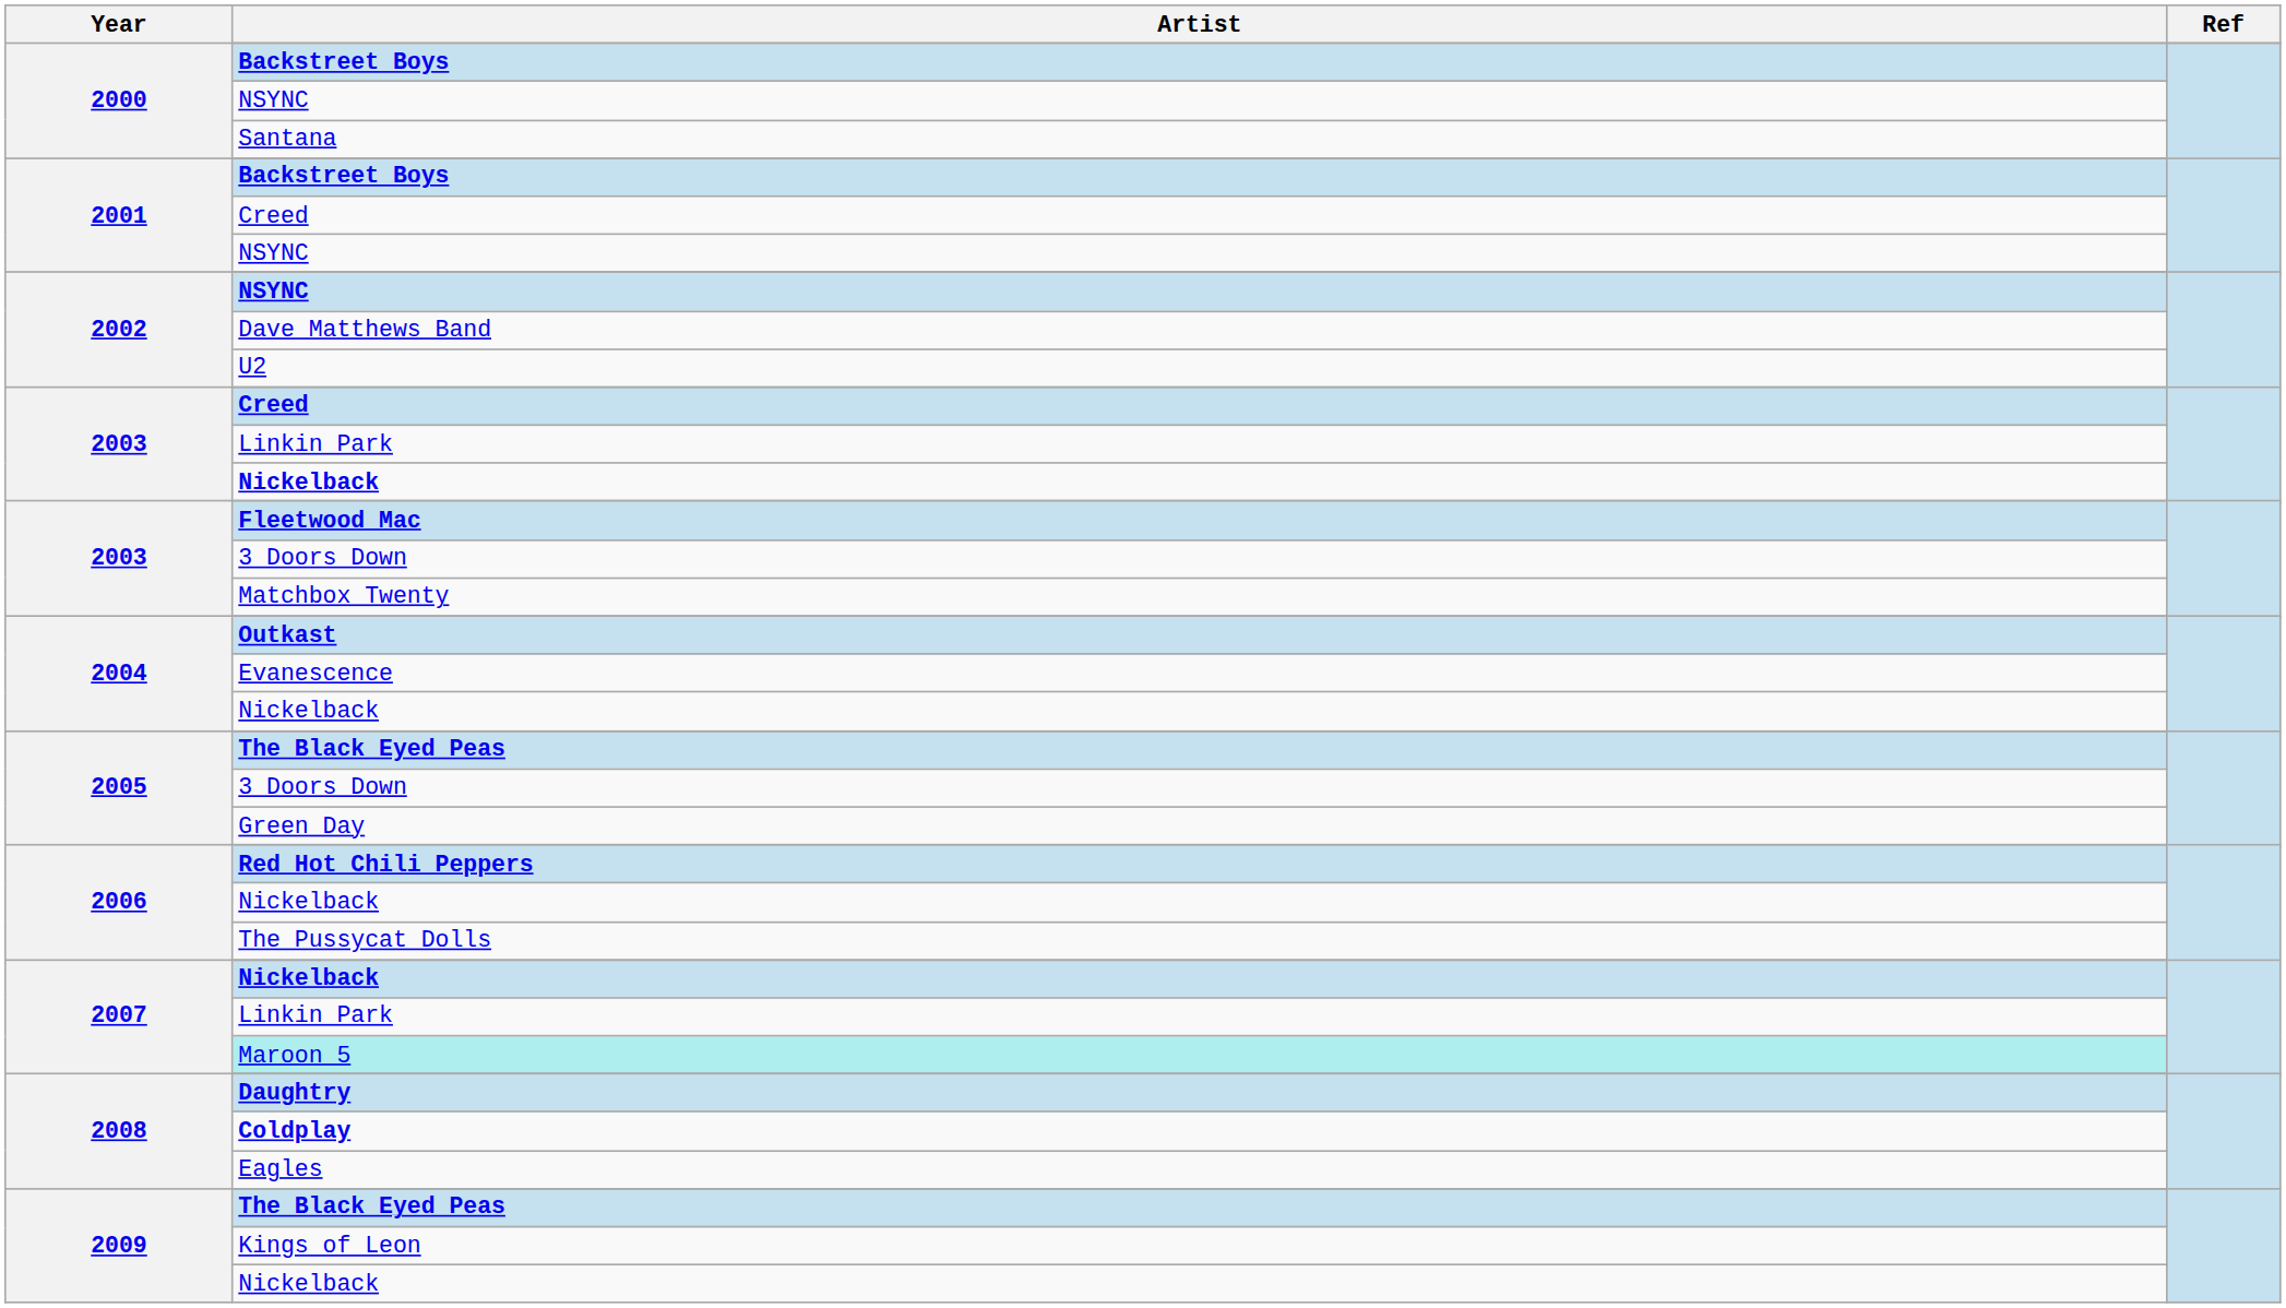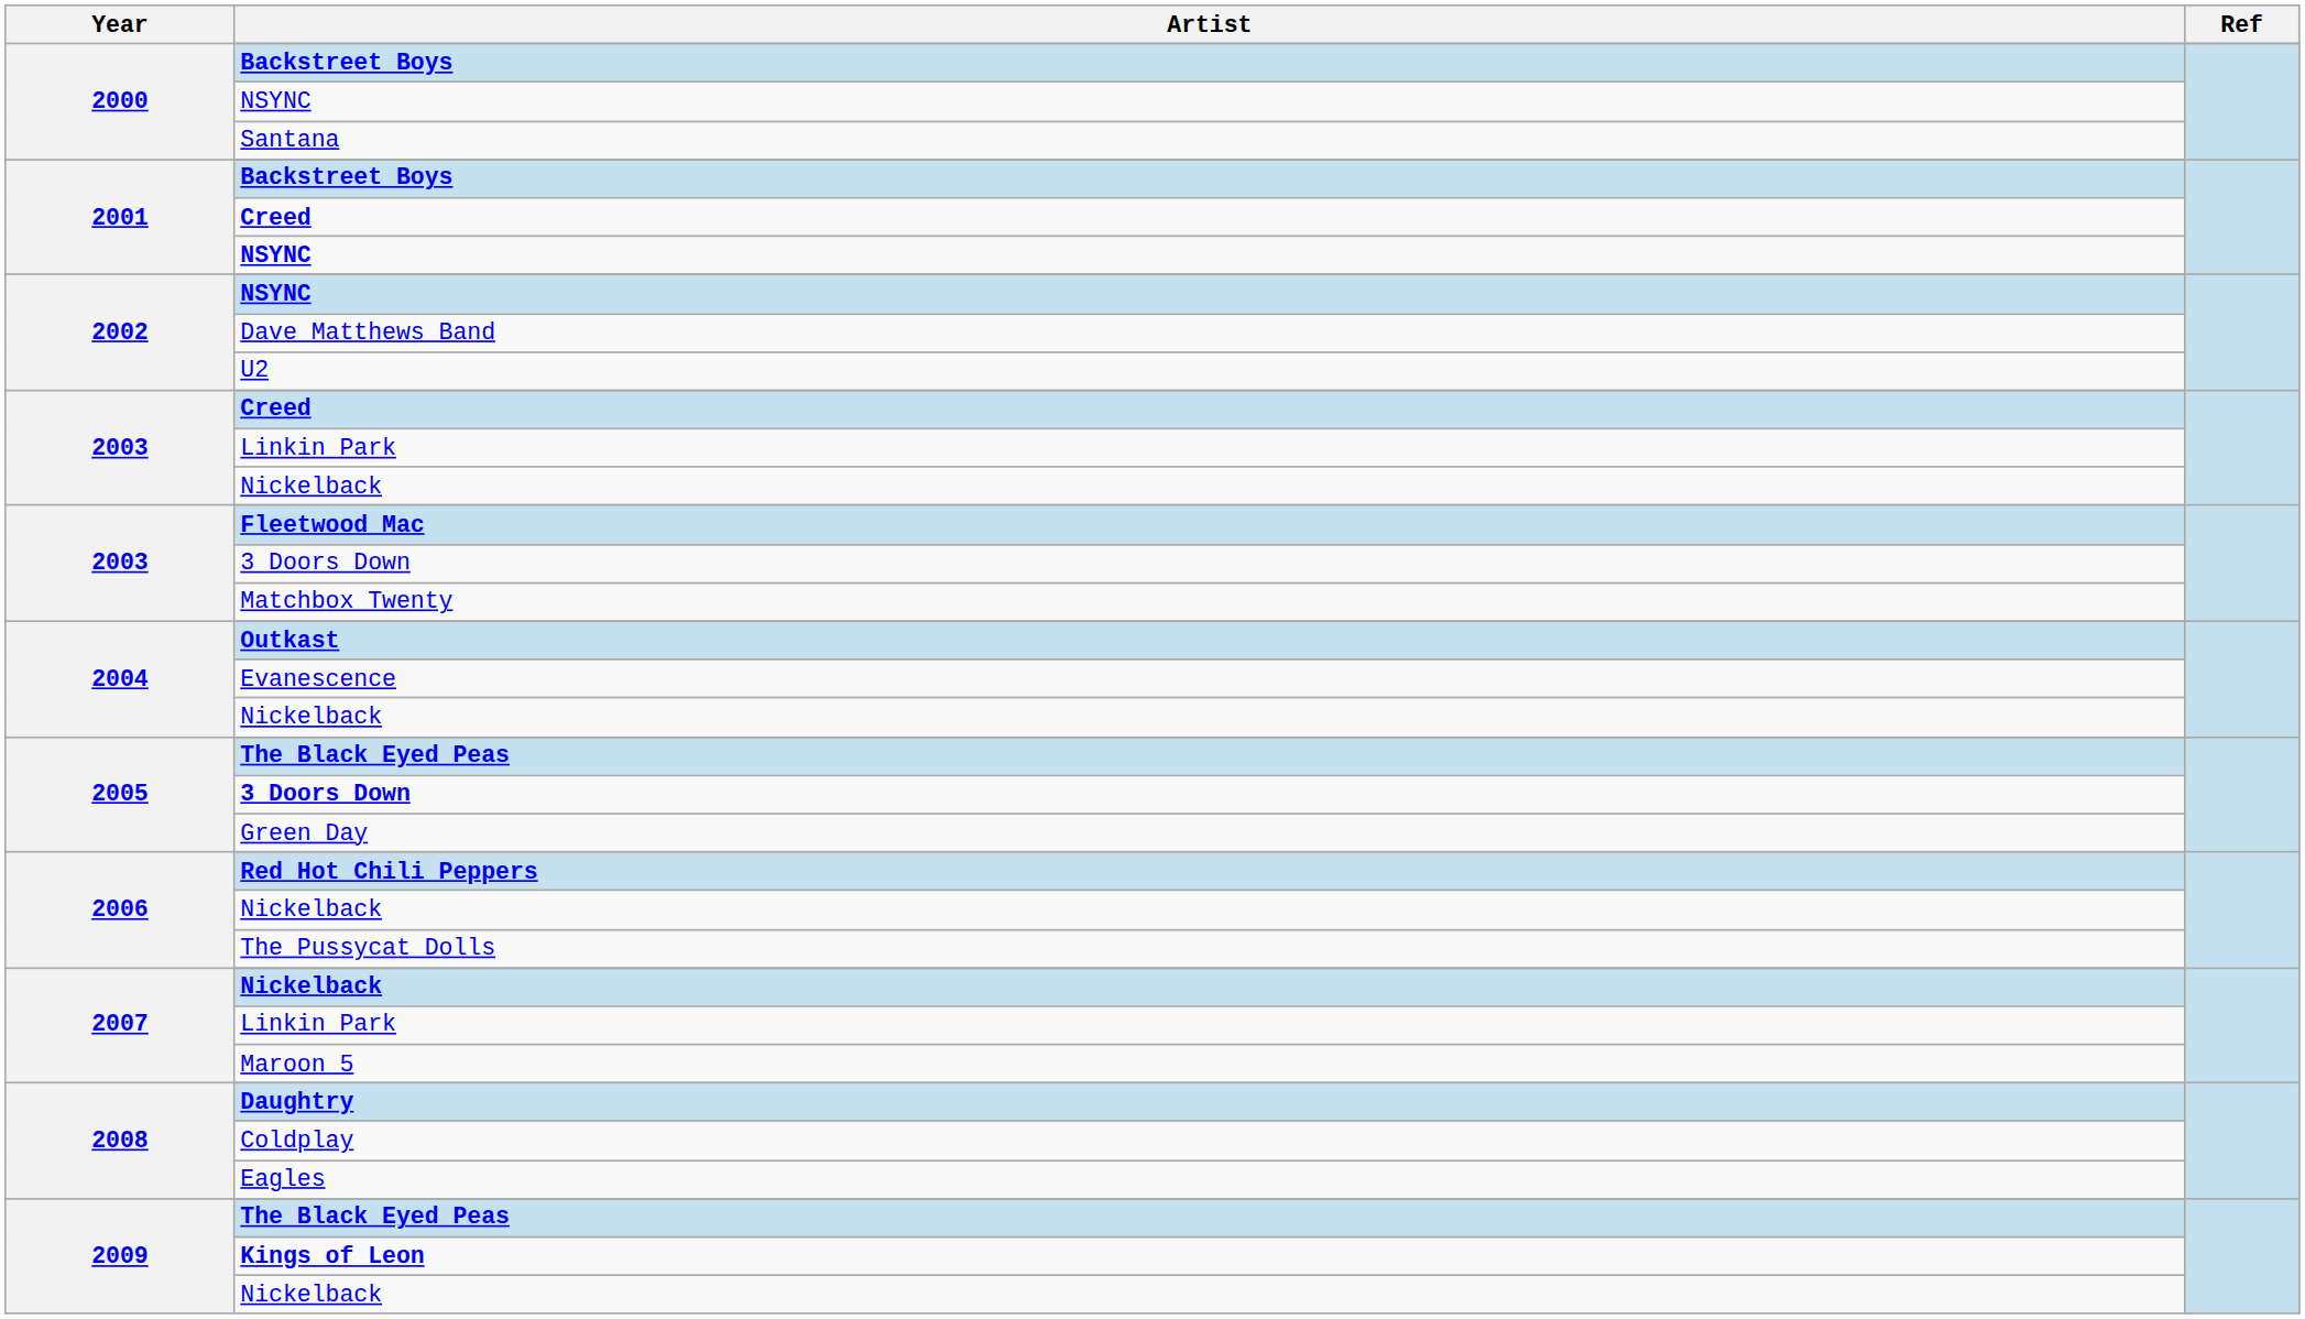 <table class="wikitable" width="100%">
 <tr>
 <th width="10%">Year</th>
 <th width="85%">Artist</th>
 <th width="5%">Ref</th>
 </tr>
 <tr>
 <th rowspan="4" align="center"><a href='#'>2000<br></a></th>
 </tr>
 <tr style="background:#c5e1f0">
 <td><strong><a href='#'>Backstreet Boys</a></strong></td>
 <td rowspan="4" align="center"></td>
 </tr>
 <tr>
 <td><a href='#'>NSYNC</a></td>
 </tr>
 <tr>
 <td><a href='#'>Santana</a></td>
 </tr>
 <tr>
 <th rowspan="4" align="center"><a href='#'>2001<br></a></th>
 </tr>
 <tr style="background:#c5e1f0">
 <td><strong><a href='#'>Backstreet Boys</a></strong></td>
 <td rowspan="4" align="center"></td>
 </tr>
 <tr>
-<td><a href='#'>Creed</a></td>
+<td><strong><a href='#'>Creed</a></strong></td>
 </tr>
 <tr>
-<td><a href='#'>NSYNC</a></td>
+<td><strong><a href='#'>NSYNC</a></strong></td>
 </tr>
 <tr>
 <th rowspan="4" align="center"><a href='#'>2002<br></a></th>
 </tr>
 <tr style="background:#c5e1f0">
 <td><strong><a href='#'>NSYNC</a></strong></td>
 <td rowspan="4" align="center"></td>
 </tr>
 <tr>
 <td><a href='#'>Dave Matthews Band</a></td>
 </tr>
 <tr>
 <td><a href='#'>U2</a></td>
 </tr>
 <tr>
 <th rowspan="4" align="center"><a href='#'>2003<br></a></th>
 </tr>
 <tr style="background:#c5e1f0">
 <td><strong><a href='#'>Creed</a></strong></td>
 <td rowspan="4" align="center"></td>
 </tr>
 <tr>
 <td><a href='#'>Linkin Park</a></td>
 </tr>
 <tr>
-<td><strong><a href='#'>Nickelback</a></strong></td>
+<td><a href='#'>Nickelback</a></td>
 </tr>
 <tr>
 <th rowspan="4" align="center"><a href='#'>2003<br></a></th>
 </tr>
 <tr style="background:#c5e1f0">
 <td><strong><a href='#'>Fleetwood Mac</a></strong></td>
 <td rowspan="4" align="center"></td>
 </tr>
 <tr>
 <td><a href='#'>3 Doors Down</a></td>
 </tr>
 <tr>
 <td><a href='#'>Matchbox Twenty</a></td>
 </tr>
 <tr>
 <th rowspan="4" align="center"><a href='#'>2004<br></a></th>
 </tr>
 <tr style="background:#c5e1f0">
 <td><strong><a href='#'>Outkast</a></strong></td>
 <td rowspan="4" align="center"></td>
 </tr>
 <tr>
 <td><a href='#'>Evanescence</a></td>
 </tr>
 <tr>
 <td><a href='#'>Nickelback</a></td>
 </tr>
 <tr>
 <th rowspan="4" align="center"><a href='#'>2005<br></a></th>
 </tr>
 <tr style="background:#c5e1f0">
 <td><strong><a href='#'>The Black Eyed Peas</a></strong></td>
 <td rowspan="4" align="center"></td>
 </tr>
 <tr>
-<td><a href='#'>3 Doors Down</a></td>
+<td><strong><a href='#'>3 Doors Down</a></strong></td>
 </tr>
 <tr>
 <td><a href='#'>Green Day</a></td>
 </tr>
 <tr>
 <th rowspan="4" align="center"><a href='#'>2006<br></a></th>
 </tr>
 <tr style="background:#c5e1f0">
 <td><strong><a href='#'>Red Hot Chili Peppers</a></strong></td>
 <td rowspan="4" align="center"></td>
 </tr>
 <tr>
 <td><a href='#'>Nickelback</a></td>
 </tr>
 <tr>
 <td><a href='#'>The Pussycat Dolls</a></td>
 </tr>
 <tr>
 <th rowspan="4" align="center"><a href='#'>2007<br></a></th>
 </tr>
 <tr style="background:#c5e1f0">
 <td><strong><a href='#'>Nickelback</a></strong></td>
 <td rowspan="4" align="center"></td>
 </tr>
 <tr>
 <td><a href='#'>Linkin Park</a></td>
 </tr>
 <tr>
-<td style="background: paleturquoise;"><a href='#'>Maroon 5</a></td>
+<td><a href='#'>Maroon 5</a></td>
 </tr>
 <tr>
 <th rowspan="4" align="center"><a href='#'>2008<br></a></th>
 </tr>
 <tr style="background:#c5e1f0">
 <td><strong><a href='#'>Daughtry</a></strong></td>
 <td rowspan="4" align="center"></td>
 </tr>
 <tr>
-<td><strong><a href='#'>Coldplay</a></strong></td>
+<td><a href='#'>Coldplay</a></td>
 </tr>
 <tr>
 <td><a href='#'>Eagles</a></td>
 </tr>
 <tr>
 <th rowspan="4" align="center"><a href='#'>2009<br></a></th>
 </tr>
 <tr style="background:#c5e1f0">
 <td><strong><a href='#'>The Black Eyed Peas</a></strong></td>
 <td rowspan="4" align="center"></td>
 </tr>
 <tr>
-<td><a href='#'>Kings of Leon</a></td>
+<td><strong><a href='#'>Kings of Leon</a></strong></td>
 </tr>
 <tr>
 <td><a href='#'>Nickelback</a></td>
 </tr>
 </table>
